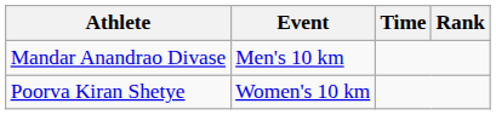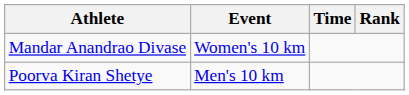 <table class="wikitable" style="font-size:90%;">
 <tr>
 <th>Athlete</th>
 <th>Event</th>
 <th>Time</th>
 <th>Rank</th>
 </tr>
 <tr align=center>
 <td align=left><a href='#'>Mandar Anandrao Divase</a></td>
-<td align=left><a href='#'>Men's 10 km</a></td>
+<td align=left><a href='#'>Women's 10 km</a></td>
 <td colspan=2></td>
 </tr>
 <tr align=center>
 <td align=left><a href='#'>Poorva Kiran Shetye</a></td>
-<td align=left><a href='#'>Women's 10 km</a></td>
+<td align=left><a href='#'>Men's 10 km</a></td>
 <td colspan=2></td>
 </tr>
 </table>
